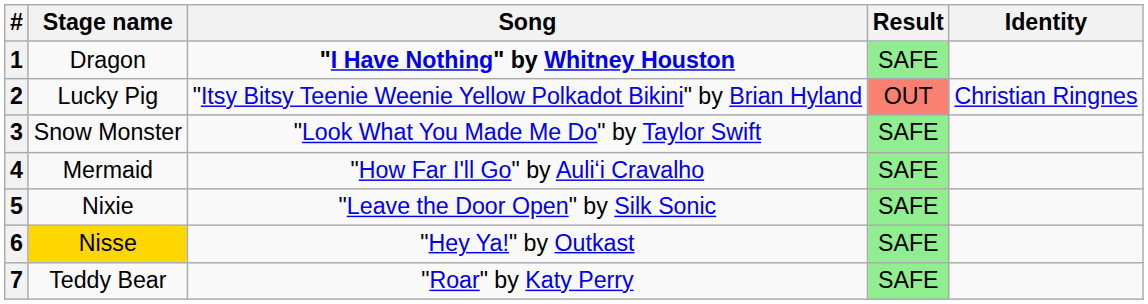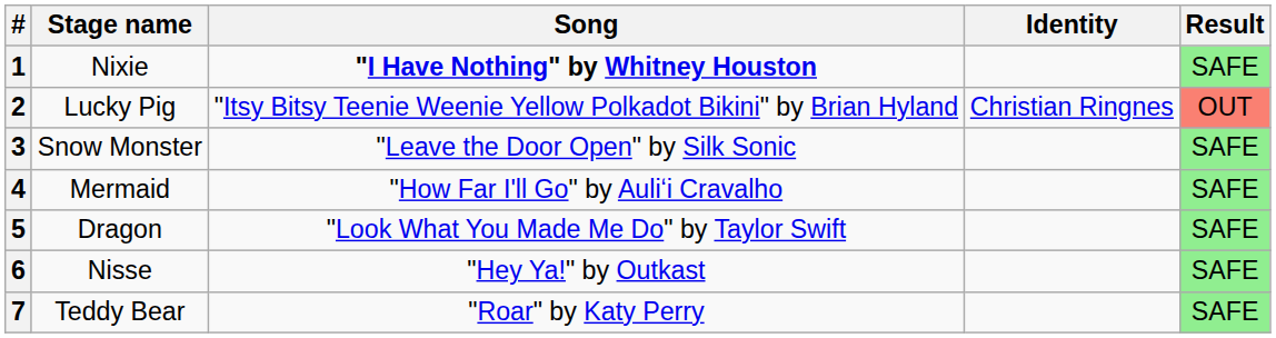 <table class="wikitable plainrowheaders" style="text-align: center;">
 <tr>
 <th>#</th>
 <th>Stage name</th>
 <th>Song</th>
+<th>Identity</th>
 <th>Result</th>
-<th>Identity</th>
 </tr>
 <tr>
 <th>1</th>
-<td>Dragon</td>
+<td>Nixie</td>
 <td><strong>"<a href='#'>I Have Nothing</a>" by <a href='#'>Whitney Houston</a></strong></td>
+<td></td>
 <td bgcolor="lightgreen">SAFE</td>
-<td></td>
 </tr>
 <tr>
 <th>2</th>
 <td>Lucky Pig</td>
 <td>"<a href='#'>Itsy Bitsy Teenie Weenie Yellow Polkadot Bikini</a>" by <a href='#'>Brian Hyland</a></td>
+<td><a href='#'>Christian Ringnes</a></td>
 <td bgcolor=salmon>OUT</td>
-<td><a href='#'>Christian Ringnes</a></td>
 </tr>
 <tr>
 <th>3</th>
 <td>Snow Monster</td>
-<td>"<a href='#'>Look What You Made Me Do</a>" by <a href='#'>Taylor Swift</a></td>
+<td>"<a href='#'>Leave the Door Open</a>" by <a href='#'>Silk Sonic</a></td>
+<td></td>
 <td bgcolor="lightgreen">SAFE</td>
-<td></td>
 </tr>
 <tr>
 <th>4</th>
 <td>Mermaid</td>
 <td>"<a href='#'>How Far I'll Go</a>" by <a href='#'>Auliʻi Cravalho</a></td>
+<td></td>
 <td bgcolor="lightgreen">SAFE</td>
-<td></td>
 </tr>
 <tr>
 <th>5</th>
-<td>Nixie</td>
-<td>"<a href='#'>Leave the Door Open</a>" by <a href='#'>Silk Sonic</a></td>
+<td>Dragon</td>
+<td>"<a href='#'>Look What You Made Me Do</a>" by <a href='#'>Taylor Swift</a></td>
+<td></td>
 <td bgcolor="lightgreen">SAFE</td>
-<td></td>
 </tr>
 <tr>
 <th>6</th>
-<td style="background: gold;">Nisse</td>
+<td>Nisse</td>
 <td>"<a href='#'>Hey Ya!</a>" by <a href='#'>Outkast</a></td>
+<td></td>
 <td bgcolor="lightgreen">SAFE</td>
-<td></td>
 </tr>
 <tr>
 <th>7</th>
 <td>Teddy Bear</td>
 <td>"<a href='#'>Roar</a>" by <a href='#'>Katy Perry</a></td>
+<td></td>
 <td bgcolor="lightgreen">SAFE</td>
-<td></td>
 </tr>
 </table>
